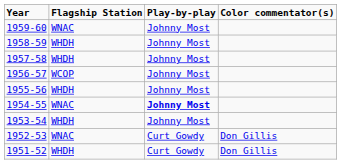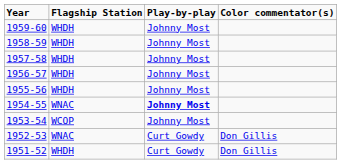 <table class="wikitable">
 <tr>
 <td><strong>Year</strong></td>
 <td><strong>Flagship Station</strong></td>
 <td><strong>Play-by-play</strong></td>
 <td><strong>Color commentator(s)</strong></td>
 </tr>
 <tr>
 <td><a href='#'>1959-60</a></td>
-<td><a href='#'>WNAC</a></td>
+<td><a href='#'>WHDH</a></td>
 <td><a href='#'>Johnny Most</a></td>
 <td></td>
 </tr>
 <tr>
 <td><a href='#'>1958-59</a></td>
 <td><a href='#'>WHDH</a></td>
 <td><a href='#'>Johnny Most</a></td>
 <td></td>
 </tr>
 <tr>
 <td><a href='#'>1957-58</a></td>
 <td><a href='#'>WHDH</a></td>
 <td><a href='#'>Johnny Most</a></td>
 <td></td>
 </tr>
 <tr>
 <td><a href='#'>1956-57</a></td>
-<td><a href='#'>WCOP</a></td>
+<td><a href='#'>WHDH</a></td>
 <td><a href='#'>Johnny Most</a></td>
 <td></td>
 </tr>
 <tr>
 <td><a href='#'>1955-56</a></td>
 <td><a href='#'>WHDH</a></td>
 <td><a href='#'>Johnny Most</a></td>
 <td></td>
 </tr>
 <tr>
 <td><a href='#'>1954-55</a></td>
 <td><a href='#'>WNAC</a></td>
 <td><strong><a href='#'>Johnny Most</a></strong></td>
 <td></td>
 </tr>
 <tr>
 <td><a href='#'>1953-54</a></td>
-<td><a href='#'>WHDH</a></td>
+<td><a href='#'>WCOP</a></td>
 <td><a href='#'>Johnny Most</a></td>
 <td></td>
 </tr>
 <tr>
 <td><a href='#'>1952-53</a></td>
 <td><a href='#'>WNAC</a></td>
 <td><a href='#'>Curt Gowdy</a></td>
 <td><a href='#'>Don Gillis</a></td>
 </tr>
 <tr>
 <td><a href='#'>1951-52</a></td>
 <td><a href='#'>WHDH</a></td>
 <td><a href='#'>Curt Gowdy</a></td>
 <td><a href='#'>Don Gillis</a></td>
 </tr>
 </table>
